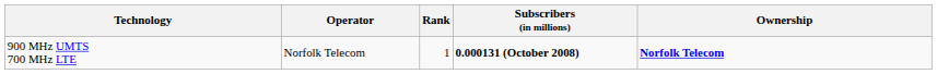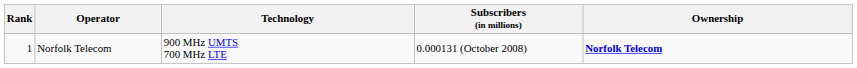 <table class="wikitable">
 <tr>
+<th style="width:3%;">Rank</th>
+<th style="width:15%;">Operator</th>
 <th style="width:30%;">Technology</th>
-<th style="width:15%;">Operator</th>
-<th style="width:3%;">Rank</th>
 <th style="width:20%;">Subscribers<br><small>(in millions)</small></th>
 <th style="width:32%;">Ownership</th>
 </tr>
 <tr>
+<td align=right>1</td>
+<td>Norfolk Telecom</td>
 <td>900 MHz <a href='#'>UMTS</a><br>700 MHz <a href='#'>LTE</a></td>
-<td>Norfolk Telecom</td>
-<td align=right>1</td>
-<td><strong>0.000131 (October 2008)</strong></td>
+<td>0.000131 (October 2008)</td>
 <td><strong><a href='#'>Norfolk Telecom</a></strong></td>
 </tr>
 </table>
